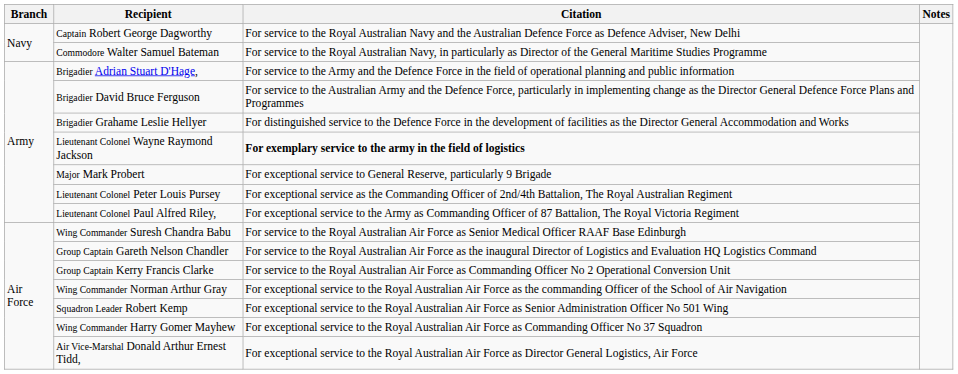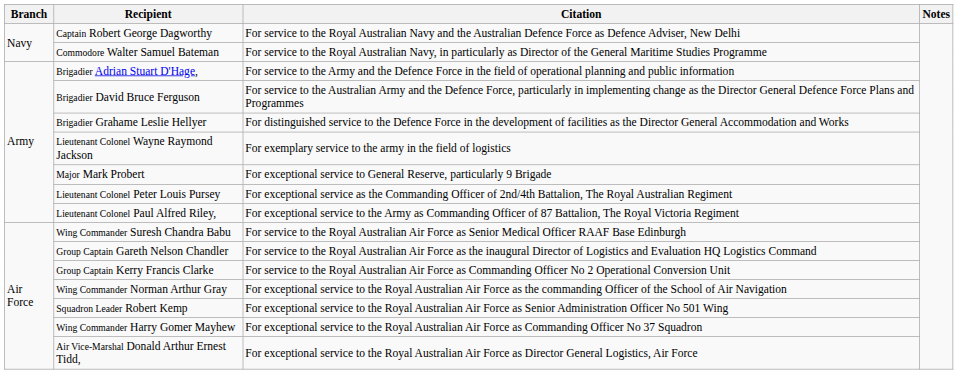 <table class="wikitable" style="font-size:95%;">
 <tr>
 <th>Branch</th>
 <th>Recipient</th>
 <th>Citation</th>
 <th>Notes</th>
 </tr>
 <tr>
 <td rowspan="2">Navy</td>
 <td><small>Captain</small> Robert George Dagworthy</td>
 <td>For service to the Royal Australian Navy and the Australian Defence Force as Defence Adviser, New Delhi</td>
 <td rowspan="16"></td>
 </tr>
 <tr>
 <td><small>Commodore</small> Walter Samuel Bateman</td>
 <td>For service to the Royal Australian Navy, in particularly as Director of the General Maritime Studies Programme</td>
 </tr>
 <tr>
 <td rowspan="7">Army</td>
 <td><small>Brigadier</small> <a href='#'>Adrian Stuart D'Hage</a>, </td>
 <td>For service to the Army and the Defence Force in the field of operational planning and public information</td>
 </tr>
 <tr>
 <td><small>Brigadier</small> David Bruce Ferguson</td>
 <td>For service to the Australian Army and the Defence Force, particularly in implementing change as the Director General Defence Force Plans and Programmes</td>
 </tr>
 <tr>
 <td><small>Brigadier</small> Grahame Leslie Hellyer</td>
 <td>For distinguished service to the Defence Force in the development of facilities as the Director General Accommodation and Works</td>
 </tr>
 <tr>
 <td><small>Lieutenant Colonel</small> Wayne Raymond Jackson</td>
-<td><strong>For exemplary service to the army in the field of logistics</strong></td>
+<td>For exemplary service to the army in the field of logistics</td>
 </tr>
 <tr>
 <td><small>Major</small> Mark Probert</td>
 <td>For exceptional service to General Reserve, particularly 9 Brigade</td>
 </tr>
 <tr>
 <td><small>Lieutenant Colonel</small> Peter Louis Pursey</td>
 <td>For exceptional service as the Commanding Officer of 2nd/4th Battalion, The Royal Australian Regiment</td>
 </tr>
 <tr>
 <td><small>Lieutenant Colonel</small> Paul Alfred Riley, </td>
 <td>For exceptional service to the Army as Commanding Officer of 87 Battalion, The Royal Victoria Regiment</td>
 </tr>
 <tr>
 <td rowspan="7">Air Force</td>
 <td><small>Wing Commander</small> Suresh Chandra Babu</td>
 <td>For service to the Royal Australian Air Force as Senior Medical Officer RAAF Base Edinburgh</td>
 </tr>
 <tr>
 <td><small>Group Captain</small> Gareth Nelson Chandler</td>
 <td>For service to the Royal Australian Air Force as the inaugural Director of Logistics and Evaluation HQ Logistics Command</td>
 </tr>
 <tr>
 <td><small>Group Captain</small> Kerry Francis Clarke</td>
 <td>For service to the Royal Australian Air Force as Commanding Officer No 2 Operational Conversion Unit</td>
 </tr>
 <tr>
 <td><small>Wing Commander</small> Norman Arthur Gray</td>
 <td>For exceptional service to the Royal Australian Air Force as the commanding Officer of the School of Air Navigation</td>
 </tr>
 <tr>
 <td><small>Squadron Leader</small> Robert Kemp</td>
 <td>For exceptional service to the Royal Australian Air Force as Senior Administration Officer No 501 Wing</td>
 </tr>
 <tr>
 <td><small>Wing Commander</small> Harry Gomer Mayhew</td>
 <td>For exceptional service to the Royal Australian Air Force as Commanding Officer No 37 Squadron</td>
 </tr>
 <tr>
 <td><small>Air Vice-Marshal</small> Donald Arthur Ernest Tidd, </td>
 <td>For exceptional service to the Royal Australian Air Force as Director General Logistics, Air Force</td>
 </tr>
 </table>
